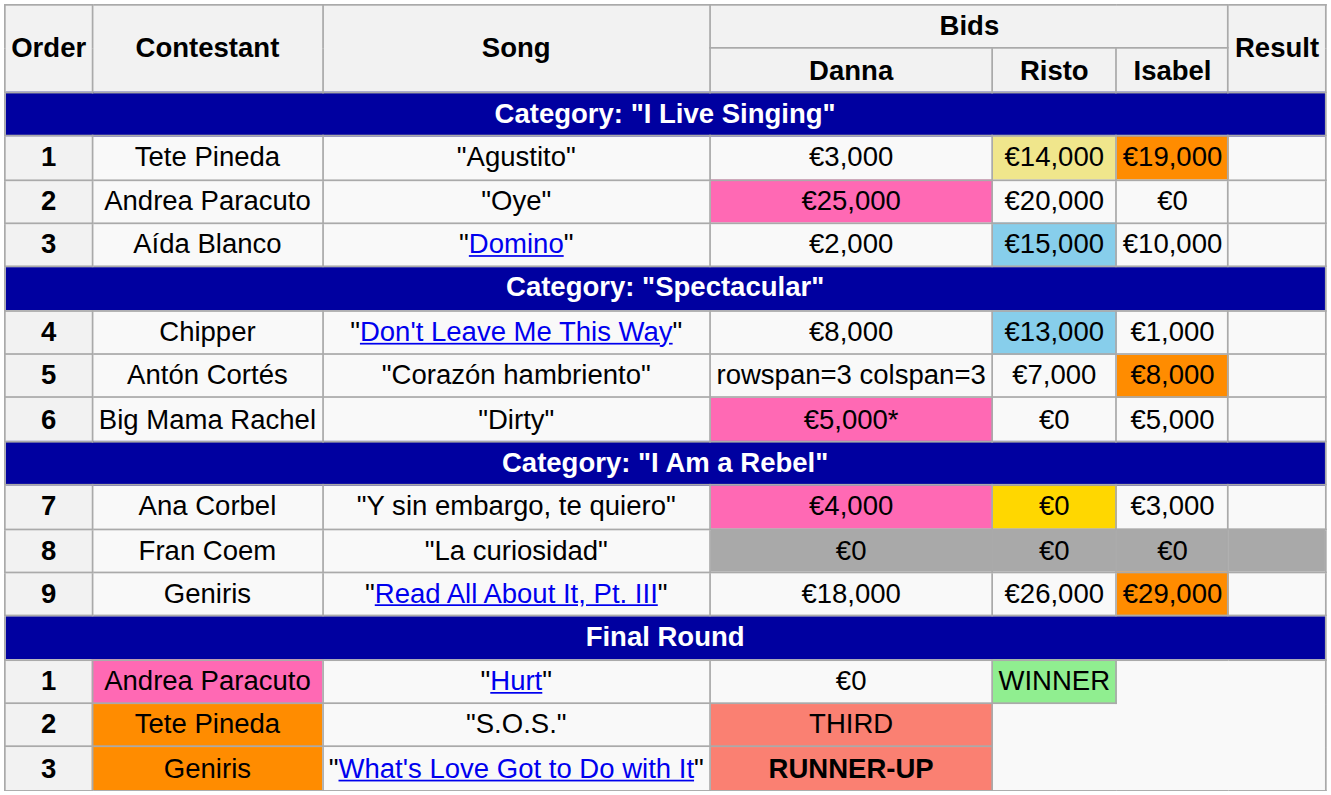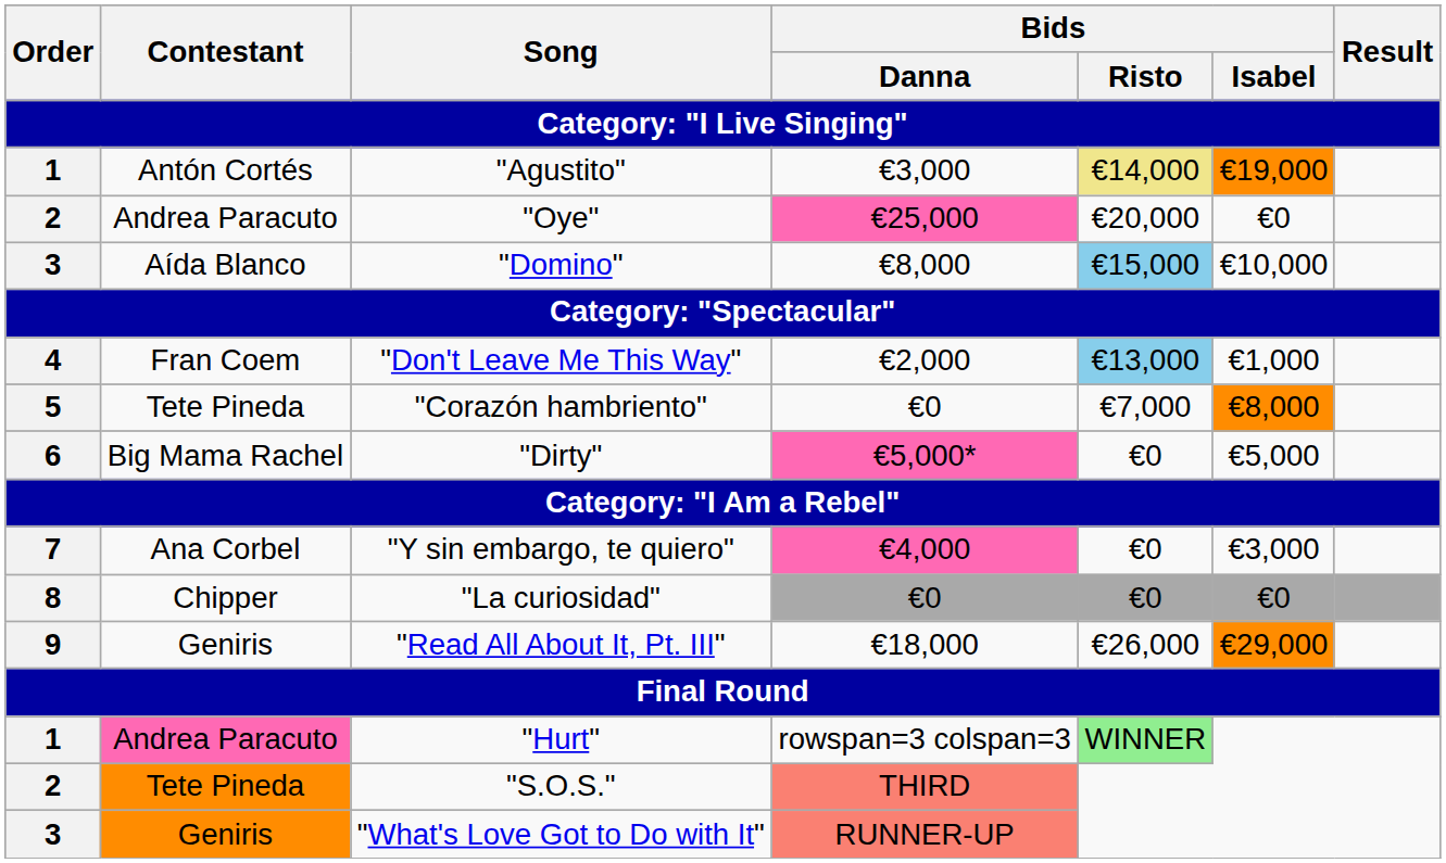 <table class=wikitable>
 <tr>
 <th rowspan=2>Order</th>
 <th rowspan=2>Contestant</th>
 <th rowspan=2>Song</th>
 <th colspan=3>Bids</th>
 <th rowspan=2>Result</th>
 </tr>
 <tr>
 <th>Danna</th>
 <th>Risto</th>
 <th>Isabel</th>
 </tr>
 <tr>
 <th scope="col" colspan="7" style="background:#0000A0; color:white;">Category: "I Live Singing"</th>
 </tr>
 <tr align=center>
 <th>1</th>
-<td>Tete Pineda</td>
+<td>Antón Cortés</td>
 <td>"Agustito"</td>
 <td>€3,000</td>
 <td style="background: khaki;">€14,000</td>
 <td bgcolor=DarkOrange>€19,000</td>
 <td></td>
 </tr>
 <tr align=center>
 <th>2</th>
 <td>Andrea Paracuto</td>
 <td>"Oye"</td>
 <td bgcolor=#ff69b4>€25,000</td>
 <td>€20,000</td>
 <td>€0</td>
 <td></td>
 </tr>
 <tr align=center>
 <th>3</th>
 <td>Aída Blanco</td>
 <td>"<a href='#'>Domino</a>"</td>
-<td>€2,000</td>
+<td>€8,000</td>
 <td bgcolor=SkyBlue>€15,000</td>
 <td>€10,000</td>
 <td></td>
 </tr>
 <tr>
 <th scope="col" colspan="7" style="background:#0000A0; color:white;">Category: "Spectacular"</th>
 </tr>
 <tr align=center>
 <th>4</th>
-<td>Chipper</td>
+<td>Fran Coem</td>
 <td>"<a href='#'>Don't Leave Me This Way</a>"</td>
-<td>€8,000</td>
+<td>€2,000</td>
 <td bgcolor=SkyBlue>€13,000</td>
 <td>€1,000</td>
 <td></td>
 </tr>
 <tr align=center>
 <th>5</th>
-<td>Antón Cortés</td>
+<td>Tete Pineda</td>
 <td>"Corazón hambriento"</td>
-<td>rowspan=3 colspan=3 </td>
+<td>€0</td>
 <td>€7,000</td>
 <td bgcolor=DarkOrange>€8,000</td>
 <td></td>
 </tr>
 <tr align=center>
 <th>6</th>
 <td>Big Mama Rachel</td>
 <td>"Dirty"</td>
 <td bgcolor=#ff69b4>€5,000*</td>
 <td>€0</td>
 <td>€5,000</td>
 <td></td>
 </tr>
 <tr>
 <th scope="col" colspan="7" style="background:#0000A0; color:white;">Category: "I Am a Rebel"</th>
 </tr>
 <tr align=center>
 <th>7</th>
 <td>Ana Corbel</td>
 <td>"Y sin embargo, te quiero"</td>
 <td bgcolor=#ff69b4>€4,000</td>
-<td style="background: gold;">€0</td>
+<td>€0</td>
 <td>€3,000</td>
 <td></td>
 </tr>
 <tr align=center>
 <th>8</th>
-<td>Fran Coem</td>
+<td>Chipper</td>
 <td>"La curiosidad"</td>
 <td bgcolor=darkgrey>€0</td>
 <td bgcolor=darkgrey>€0</td>
 <td bgcolor=darkgrey>€0</td>
 <td bgcolor=darkgrey></td>
 </tr>
 <tr align=center>
 <th>9</th>
 <td>Geniris</td>
 <td>"<a href='#'>Read All About It, Pt. III</a>"</td>
 <td>€18,000</td>
 <td>€26,000</td>
 <td bgcolor=DarkOrange>€29,000</td>
 <td></td>
 </tr>
 <tr>
 <th scope="col" colspan="7" style="background:#0000A0; color:white;">Final Round</th>
 </tr>
 <tr align=center>
 <th>1</th>
 <td bgcolor=#ff69b4>Andrea Paracuto</td>
 <td>"<a href='#'>Hurt</a>"</td>
-<td>€0</td>
+<td>rowspan=3 colspan=3 </td>
 <td bgcolor=lightgreen>WINNER</td>
 </tr>
 <tr align=center>
 <th>2</th>
 <td bgcolor=DarkOrange>Tete Pineda</td>
 <td>"S.O.S."</td>
 <td bgcolor=salmon>THIRD</td>
 </tr>
 <tr align=center>
 <th>3</th>
 <td bgcolor=DarkOrange>Geniris</td>
 <td>"<a href='#'>What's Love Got to Do with It</a>"</td>
-<td bgcolor=salmon><strong>RUNNER-UP</strong></td>
+<td bgcolor=salmon>RUNNER-UP</td>
 </tr>
 </table>
